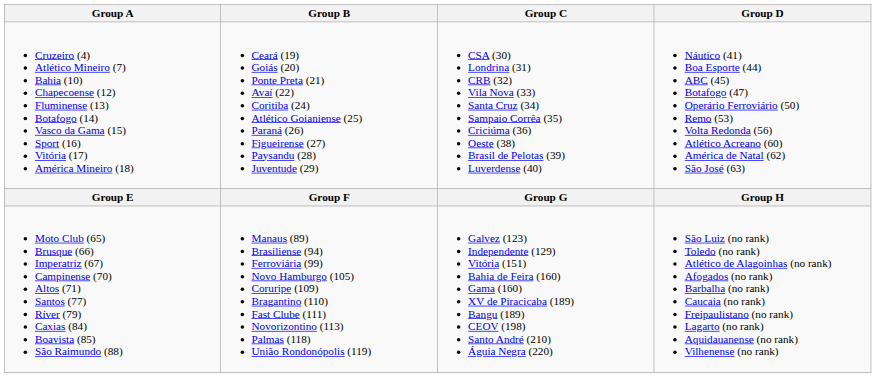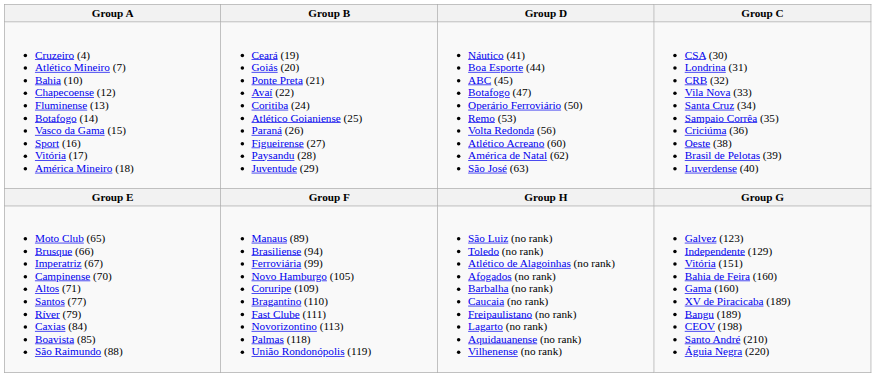 <table class="wikitable" width=98%>
 <tr>
 <th width=25%>Group A</th>
 <th width=25%>Group B</th>
+<th width=25%>Group D</th>
 <th width=25%>Group C</th>
-<th width=25%>Group D</th>
 </tr>
 <tr>
 <td><br><ul><li> <a href='#'>Cruzeiro</a> (4)</li><li> <a href='#'>Atlético Mineiro</a> (7)</li><li> <a href='#'>Bahia</a> (10)</li><li> <a href='#'>Chapecoense</a> (12)</li><li> <a href='#'>Fluminense</a> (13)</li><li> <a href='#'>Botafogo</a> (14)</li><li> <a href='#'>Vasco da Gama</a> (15)</li><li> <a href='#'>Sport</a> (16)</li><li> <a href='#'>Vitória</a> (17)</li><li> <a href='#'>América Mineiro</a> (18)</li></ul></td>
 <td><br><ul><li> <a href='#'>Ceará</a> (19)</li><li> <a href='#'>Goiás</a> (20)</li><li> <a href='#'>Ponte Preta</a> (21)</li><li> <a href='#'>Avaí</a> (22)</li><li> <a href='#'>Coritiba</a> (24)</li><li> <a href='#'>Atlético Goianiense</a> (25)</li><li> <a href='#'>Paraná</a> (26)</li><li> <a href='#'>Figueirense</a> (27)</li><li> <a href='#'>Paysandu</a> (28)</li><li> <a href='#'>Juventude</a> (29)</li></ul></td>
+<td><br><ul><li> <a href='#'>Náutico</a> (41)</li><li> <a href='#'>Boa Esporte</a> (44)</li><li> <a href='#'>ABC</a> (45)</li><li> <a href='#'>Botafogo</a> (47)</li><li> <a href='#'>Operário Ferroviário</a> (50)</li><li> <a href='#'>Remo</a> (53)</li><li> <a href='#'>Volta Redonda</a> (56)</li><li> <a href='#'>Atlético Acreano</a> (60)</li><li> <a href='#'>América de Natal</a> (62)</li><li> <a href='#'>São José</a> (63)</li></ul></td>
 <td><br><ul><li> <a href='#'>CSA</a> (30)</li><li> <a href='#'>Londrina</a> (31)</li><li> <a href='#'>CRB</a> (32)</li><li> <a href='#'>Vila Nova</a> (33)</li><li> <a href='#'>Santa Cruz</a> (34)</li><li> <a href='#'>Sampaio Corrêa</a> (35)</li><li> <a href='#'>Criciúma</a> (36)</li><li> <a href='#'>Oeste</a> (38)</li><li> <a href='#'>Brasil de Pelotas</a> (39)</li><li> <a href='#'>Luverdense</a> (40)</li></ul></td>
-<td><br><ul><li> <a href='#'>Náutico</a> (41)</li><li> <a href='#'>Boa Esporte</a> (44)</li><li> <a href='#'>ABC</a> (45)</li><li> <a href='#'>Botafogo</a> (47)</li><li> <a href='#'>Operário Ferroviário</a> (50)</li><li> <a href='#'>Remo</a> (53)</li><li> <a href='#'>Volta Redonda</a> (56)</li><li> <a href='#'>Atlético Acreano</a> (60)</li><li> <a href='#'>América de Natal</a> (62)</li><li> <a href='#'>São José</a> (63)</li></ul></td>
 </tr>
 <tr>
 <th width=25%>Group E</th>
 <th width=25%>Group F</th>
+<th width=25%>Group H</th>
 <th width=25%>Group G</th>
-<th width=25%>Group H</th>
 </tr>
 <tr>
 <td><br><ul><li> <a href='#'>Moto Club</a> (65)</li><li> <a href='#'>Brusque</a> (66)</li><li> <a href='#'>Imperatriz</a> (67)</li><li> <a href='#'>Campinense</a> (70)</li><li> <a href='#'>Altos</a> (71)</li><li> <a href='#'>Santos</a> (77)</li><li> <a href='#'>Ríver</a> (79)</li><li> <a href='#'>Caxias</a> (84)</li><li> <a href='#'>Boavista</a> (85)</li><li> <a href='#'>São Raimundo</a> (88)</li></ul></td>
 <td><br><ul><li> <a href='#'>Manaus</a> (89)</li><li> <a href='#'>Brasiliense</a> (94)</li><li> <a href='#'>Ferroviária</a> (99)</li><li> <a href='#'>Novo Hamburgo</a> (105)</li><li> <a href='#'>Coruripe</a> (109)</li><li> <a href='#'>Bragantino</a> (110)</li><li> <a href='#'>Fast Clube</a> (111)</li><li> <a href='#'>Novorizontino</a> (113)</li><li> <a href='#'>Palmas</a> (118)</li><li> <a href='#'>União Rondonópolis</a> (119)</li></ul></td>
+<td><br><ul><li> <a href='#'>São Luiz</a> (no rank)</li><li> <a href='#'>Toledo</a> (no rank)</li><li> <a href='#'>Atlético de Alagoinhas</a> (no rank)</li><li> <a href='#'>Afogados</a> (no rank)</li><li> <a href='#'>Barbalha</a> (no rank)</li><li> <a href='#'>Caucaia</a> (no rank)</li><li> <a href='#'>Freipaulistano</a> (no rank)</li><li> <a href='#'>Lagarto</a> (no rank)</li><li> <a href='#'>Aquidauanense</a> (no rank)</li><li> <a href='#'>Vilhenense</a> (no rank)</li></ul></td>
 <td><br><ul><li> <a href='#'>Galvez</a> (123)</li><li> <a href='#'>Independente</a> (129)</li><li> <a href='#'>Vitória</a> (151)</li><li> <a href='#'>Bahia de Feira</a> (160)</li><li> <a href='#'>Gama</a> (160)</li><li> <a href='#'>XV de Piracicaba</a> (189)</li><li> <a href='#'>Bangu</a> (189)</li><li> <a href='#'>CEOV</a> (198)</li><li> <a href='#'>Santo André</a> (210)</li><li> <a href='#'>Águia Negra</a> (220)</li></ul></td>
-<td><br><ul><li> <a href='#'>São Luiz</a> (no rank)</li><li> <a href='#'>Toledo</a> (no rank)</li><li> <a href='#'>Atlético de Alagoinhas</a> (no rank)</li><li> <a href='#'>Afogados</a> (no rank)</li><li> <a href='#'>Barbalha</a> (no rank)</li><li> <a href='#'>Caucaia</a> (no rank)</li><li> <a href='#'>Freipaulistano</a> (no rank)</li><li> <a href='#'>Lagarto</a> (no rank)</li><li> <a href='#'>Aquidauanense</a> (no rank)</li><li> <a href='#'>Vilhenense</a> (no rank)</li></ul></td>
 </tr>
 </table>
